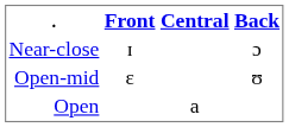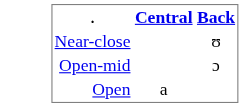 <table border="0" cellspacing="0" cellpadding="2" style="text-align: center;font-family: Arial Unicode MS, Lucida Sans Unicode; border:1px solid grey; display:block; float:right; margin:10px">
 <tr>
 <th><small>.</small></th>
-<th><a href='#'>Front</a></th>
 <th><a href='#'>Central</a></th>
 <th><a href='#'>Back</a></th>
 </tr>
 <tr>
 <td style="text-align: right;"><a href='#'>Near-close</a></td>
-<td>ɪ</td>
+<td></td>
+<td>ʊ</td>
+</tr>
+<tr>
+<td style="text-align: right;"><a href='#'>Open-mid</a></td>
 <td></td>
 <td>ɔ</td>
 </tr>
 <tr>
-<td style="text-align: right;"><a href='#'>Open-mid</a></td>
-<td>ɛ</td>
-<td></td>
-<td>ʊ</td>
-</tr>
-<tr>
 <td style="text-align: right;"><a href='#'>Open</a></td>
-<td></td>
 <td>a</td>
 <td></td>
 </tr>
 </table>
